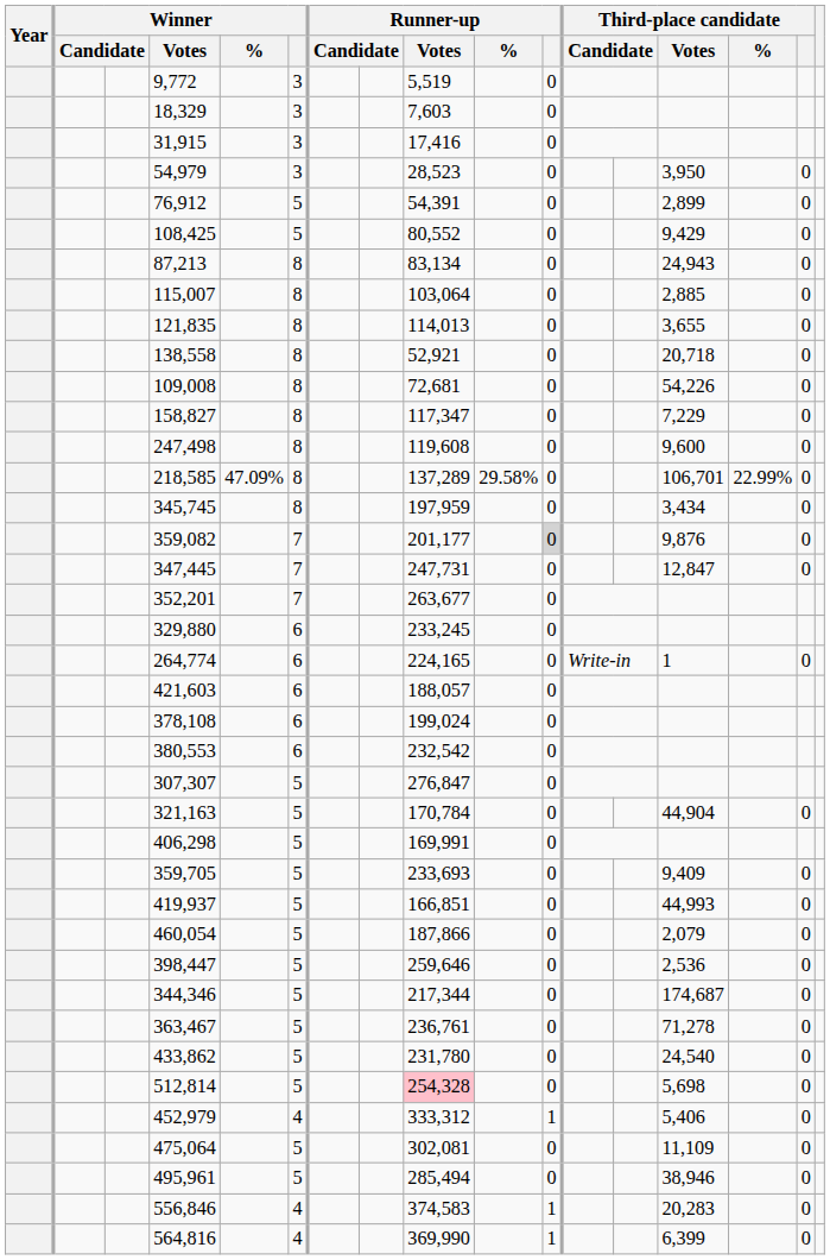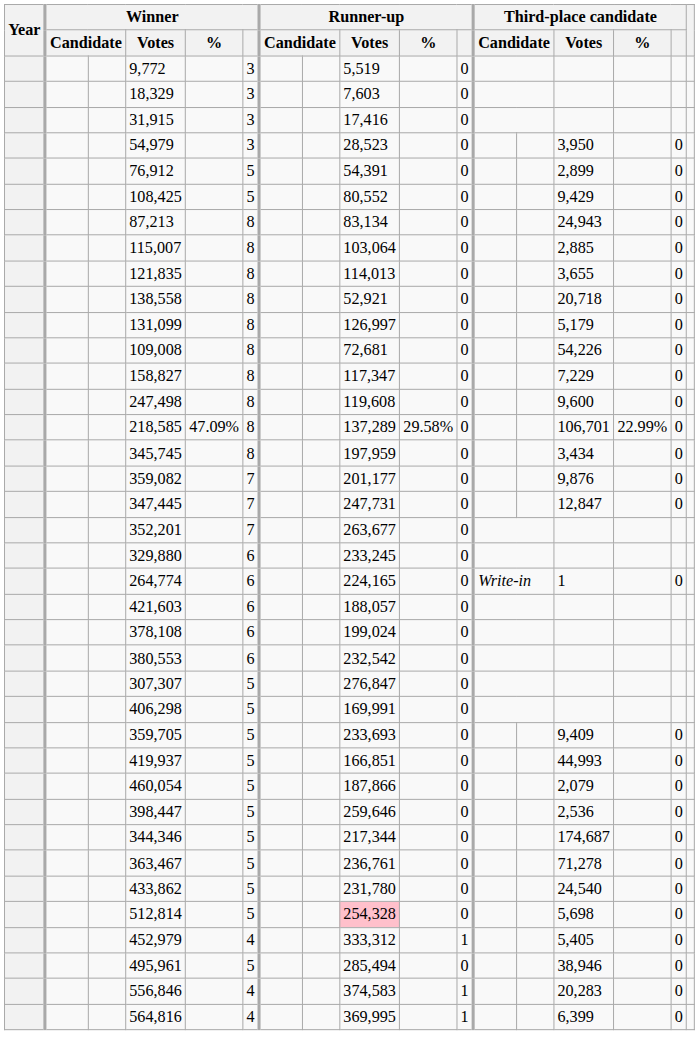 <table class="wikitable sortable">
 <tr>
 <th scope=col rowspan="2">Year</th>
 <th scope="colgroup" style="border-left:3px solid darkgray;" colspan="5">Winner</th>
 <th scope="colgroup" style="border-left:3px solid darkgray;" colspan="5">Runner-up</th>
 <th scope="colgroup" style="border-left:3px solid darkgray;" colspan="5">Third-place candidate</th>
 <th scope="col" class="unsortable" rowspan="2"></th>
 </tr>
 <tr>
 <th scope="col" style="border-left:3px solid darkgray;" colspan="2">Candidate</th>
 <th scope="col" data-sort-type="number">Votes</th>
 <th scope="col"  data-sort-type="number">%</th>
 <th scope="col"  data-sort-type="number"></th>
 <th scope="col" style="border-left:3px solid darkgray;" colspan="2">Candidate</th>
 <th scope="col"  data-sort-type="number">Votes</th>
 <th scope="col"  data-sort-type="number">%</th>
 <th scope="col"  data-sort-type="number"></th>
 <th scope="col"  scope="col" style="border-left:3px solid darkgray;" colspan="2">Candidate</th>
 <th scope="col"  data-sort-type="number">Votes</th>
 <th scope="col"  data-sort-type="number">%</th>
 <th scope="col"  data-sort-type="number"></th>
 </tr>
 <tr>
 <th scope="row"> </th>
 <td style="border-left:3px solid darkgray; background-color:"></td>
 <td><strong></strong> </td>
 <td>9,772</td>
 <td></td>
 <td>3</td>
 <td style="border-left:3px solid darkgray; background-color:"></td>
 <td> </td>
 <td>5,519</td>
 <td></td>
 <td>0</td>
 <td colspan="2" style="border-left:3px solid darkgray;"></td>
 <td></td>
 <td></td>
 <td></td>
 <td></td>
 </tr>
 <tr>
 <th scope="row"> </th>
 <td style="border-left:3px solid darkgray; background-color:"></td>
 <td><strong></strong> </td>
 <td>18,329</td>
 <td></td>
 <td>3</td>
 <td style="border-left:3px solid darkgray; background-color:"></td>
 <td> </td>
 <td>7,603</td>
 <td></td>
 <td>0</td>
 <td colspan="2" style="border-left:3px solid darkgray;"></td>
 <td></td>
 <td></td>
 <td></td>
 <td></td>
 </tr>
 <tr>
 <th scope="row"> </th>
 <td style="border-left:3px solid darkgray; background-color:"></td>
 <td><strong></strong> </td>
 <td>31,915</td>
 <td></td>
 <td>3</td>
 <td style="border-left:3px solid darkgray; background-color:"></td>
 <td> </td>
 <td>17,416</td>
 <td></td>
 <td>0</td>
 <td colspan="2" style="border-left:3px solid darkgray;"></td>
 <td></td>
 <td></td>
 <td></td>
 <td></td>
 </tr>
 <tr>
 <th scope="row"> </th>
 <td style="border-left:3px solid darkgray; background-color:"></td>
 <td><strong></strong> </td>
 <td>54,979</td>
 <td></td>
 <td>3</td>
 <td style="border-left:3px solid darkgray; background-color:"></td>
 <td> </td>
 <td>28,523</td>
 <td></td>
 <td>0</td>
 <td style="border-left:3px solid darkgray; background-color:"></td>
 <td> </td>
 <td>3,950</td>
 <td></td>
 <td>0</td>
 <td></td>
 </tr>
 <tr>
 <th scope="row"> </th>
 <td style="border-left:3px solid darkgray; background-color:"></td>
 <td><strong></strong> </td>
 <td>76,912</td>
 <td></td>
 <td>5</td>
 <td style="border-left:3px solid darkgray; background-color:"></td>
 <td> </td>
 <td>54,391</td>
 <td></td>
 <td>0</td>
 <td style="border-left:3px solid darkgray; background-color:"></td>
 <td> </td>
 <td>2,899</td>
 <td></td>
 <td>0</td>
 <td></td>
 </tr>
 <tr>
 <th scope="row"> </th>
 <td style="border-left:3px solid darkgray; background-color:"></td>
 <td><strong></strong> </td>
 <td>108,425</td>
 <td></td>
 <td>5</td>
 <td style="border-left:3px solid darkgray; background-color:"></td>
 <td> </td>
 <td>80,552</td>
 <td></td>
 <td>0</td>
 <td style="border-left:3px solid darkgray; background-color:"></td>
 <td> </td>
 <td>9,429</td>
 <td></td>
 <td>0</td>
 <td></td>
 </tr>
 <tr>
 <th scope="row"> </th>
 <td style="border-left:3px solid darkgray; background-color:"></td>
 <td><strong></strong> </td>
 <td>87,213</td>
 <td></td>
 <td>8</td>
 <td style="border-left:3px solid darkgray; background-color:"></td>
 <td> </td>
 <td>83,134</td>
 <td></td>
 <td>0</td>
 <td style="border-left:3px solid darkgray; background-color:"></td>
 <td> </td>
 <td>24,943</td>
 <td></td>
 <td>0</td>
 <td></td>
 </tr>
 <tr>
 <th scope="row"> </th>
 <td style="border-left:3px solid darkgray; background-color:"></td>
 <td><strong></strong> </td>
 <td>115,007</td>
 <td></td>
 <td>8</td>
 <td style="border-left:3px solid darkgray; background-color:"></td>
 <td> </td>
 <td>103,064</td>
 <td></td>
 <td>0</td>
 <td style="border-left:3px solid darkgray; background-color:"></td>
 <td> </td>
 <td>2,885</td>
 <td></td>
 <td>0</td>
 <td></td>
 </tr>
 <tr>
 <th scope="row"> </th>
 <td style="border-left:3px solid darkgray; background-color:"></td>
 <td><strong></strong> </td>
 <td>121,835</td>
 <td></td>
 <td>8</td>
 <td style="border-left:3px solid darkgray; background-color:"></td>
 <td> </td>
 <td>114,013</td>
 <td></td>
 <td>0</td>
 <td style="border-left:3px solid darkgray; background-color:"></td>
 <td> </td>
 <td>3,655</td>
 <td></td>
 <td>0</td>
 <td></td>
 </tr>
 <tr>
 <th scope="row"> </th>
 <td style="border-left:3px solid darkgray; background-color:"></td>
 <td><strong></strong> </td>
 <td>138,558</td>
 <td></td>
 <td>8</td>
 <td style="border-left:3px solid darkgray; background-color:"></td>
 <td> </td>
 <td>52,921</td>
 <td></td>
 <td>0</td>
 <td style="border-left:3px solid darkgray; background-color:"></td>
 <td> </td>
 <td>20,718</td>
 <td></td>
 <td>0</td>
 <td></td>
 </tr>
 <tr>
 <th scope="row"> </th>
 <td style="border-left:3px solid darkgray; background-color:"></td>
 <td><strong></strong> </td>
+<td>131,099</td>
+<td></td>
+<td>8</td>
+<td style="border-left:3px solid darkgray; background-color:"></td>
+<td> </td>
+<td>126,997</td>
+<td></td>
+<td>0</td>
+<td style="border-left:3px solid darkgray; background-color:"></td>
+<td> </td>
+<td>5,179</td>
+<td></td>
+<td>0</td>
+<td></td>
+</tr>
+<tr>
+<th scope="row"> </th>
+<td style="border-left:3px solid darkgray; background-color:"></td>
+<td><strong></strong> </td>
 <td>109,008</td>
 <td></td>
 <td>8</td>
 <td style="border-left:3px solid darkgray; background-color:"></td>
 <td> </td>
 <td>72,681</td>
 <td></td>
 <td>0</td>
 <td style="border-left:3px solid darkgray; background-color:"></td>
 <td> </td>
 <td>54,226</td>
 <td></td>
 <td>0</td>
 <td></td>
 </tr>
 <tr>
 <th scope="row"> </th>
 <td style="border-left:3px solid darkgray; background-color:"></td>
 <td><strong></strong> </td>
 <td>158,827</td>
 <td></td>
 <td>8</td>
 <td style="border-left:3px solid darkgray; background-color:"></td>
 <td> </td>
 <td>117,347</td>
 <td></td>
 <td>0</td>
 <td style="border-left:3px solid darkgray; background-color:"></td>
 <td> </td>
 <td>7,229</td>
 <td></td>
 <td>0</td>
 <td></td>
 </tr>
 <tr>
 <th scope="row"> </th>
 <td style="border-left:3px solid darkgray; background-color:"></td>
 <td><strong></strong> </td>
 <td>247,498</td>
 <td></td>
 <td>8</td>
 <td style="border-left:3px solid darkgray; background-color:"></td>
 <td> </td>
 <td>119,608</td>
 <td></td>
 <td>0</td>
 <td style="border-left:3px solid darkgray; background-color:"></td>
 <td> </td>
 <td>9,600</td>
 <td></td>
 <td>0</td>
 <td></td>
 </tr>
 <tr>
 <th scope="row"> </th>
 <td style="border-left:3px solid darkgray; background-color:"></td>
 <td><strong></strong> </td>
 <td>218,585</td>
 <td>47.09%</td>
 <td>8</td>
 <td style="border-left:3px solid darkgray; background-color:"></td>
 <td> </td>
 <td>137,289</td>
 <td>29.58%</td>
 <td>0</td>
 <td style="border-left:3px solid darkgray; background-color:"></td>
 <td> </td>
 <td>106,701</td>
 <td>22.99%</td>
 <td>0</td>
 <td></td>
 </tr>
 <tr>
 <th scope="row"> </th>
 <td style="border-left:3px solid darkgray; background-color:"></td>
 <td><strong></strong> </td>
 <td>345,745</td>
 <td></td>
 <td>8</td>
 <td style="border-left:3px solid darkgray; background-color:"></td>
 <td> </td>
 <td>197,959</td>
 <td></td>
 <td>0</td>
 <td style="border-left:3px solid darkgray; background-color:"></td>
 <td> </td>
 <td>3,434</td>
 <td></td>
 <td>0</td>
 <td></td>
 </tr>
 <tr>
 <th scope="row"> </th>
 <td style="border-left:3px solid darkgray; background-color:"></td>
 <td><strong></strong> </td>
 <td>359,082</td>
 <td></td>
 <td>7</td>
 <td style="border-left:3px solid darkgray; background-color:"></td>
 <td> </td>
 <td>201,177</td>
 <td></td>
-<td style="background: lightgrey;">0</td>
+<td>0</td>
 <td style="border-left:3px solid darkgray; background-color:"></td>
 <td> </td>
 <td>9,876</td>
 <td></td>
 <td>0</td>
 <td></td>
 </tr>
 <tr>
 <th scope="row"> </th>
 <td style="border-left:3px solid darkgray; background-color:"></td>
 <td><strong></strong> </td>
 <td>347,445</td>
 <td></td>
 <td>7</td>
 <td style="border-left:3px solid darkgray; background-color:"></td>
 <td> </td>
 <td>247,731</td>
 <td></td>
 <td>0</td>
 <td style="border-left:3px solid darkgray; background-color:"></td>
 <td> </td>
 <td>12,847</td>
 <td></td>
 <td>0</td>
 <td></td>
 </tr>
 <tr>
 <th scope="row"> </th>
 <td style="border-left:3px solid darkgray; background-color:"></td>
 <td><strong></strong> </td>
 <td>352,201</td>
 <td></td>
 <td>7</td>
 <td style="border-left:3px solid darkgray; background-color:"></td>
 <td> </td>
 <td>263,677</td>
 <td></td>
 <td>0</td>
 <td colspan="2" style="border-left:3px solid darkgray;"></td>
 <td></td>
 <td></td>
 <td></td>
 <td></td>
 </tr>
 <tr>
 <th scope="row"> </th>
 <td style="border-left:3px solid darkgray; background-color:"></td>
 <td><strong></strong> </td>
 <td>329,880</td>
 <td></td>
 <td>6</td>
 <td style="border-left:3px solid darkgray; background-color:"></td>
 <td> </td>
 <td>233,245</td>
 <td></td>
 <td>0</td>
 <td colspan="2" style="border-left:3px solid darkgray;"></td>
 <td></td>
 <td></td>
 <td></td>
 <td></td>
 </tr>
 <tr>
 <th scope="row"> </th>
 <td style="border-left:3px solid darkgray; background-color:"></td>
 <td><strong></strong> </td>
 <td>264,774</td>
 <td></td>
 <td>6</td>
 <td style="border-left:3px solid darkgray; background-color:"></td>
 <td> </td>
 <td>224,165</td>
 <td></td>
 <td>0</td>
 <td colspan="2" style="border-left:3px solid darkgray;"><em>Write-in</em></td>
 <td>1</td>
 <td></td>
 <td>0</td>
 <td></td>
 </tr>
 <tr>
 <th scope="row"> </th>
 <td style="border-left:3px solid darkgray; background-color:"></td>
 <td><strong></strong> </td>
 <td>421,603</td>
 <td></td>
 <td>6</td>
 <td style="border-left:3px solid darkgray; background-color:"></td>
 <td> </td>
 <td>188,057</td>
 <td></td>
 <td>0</td>
 <td colspan="2" style="border-left:3px solid darkgray;"></td>
 <td></td>
 <td></td>
 <td></td>
 <td></td>
 </tr>
 <tr>
 <th scope="row"> </th>
 <td style="border-left:3px solid darkgray; background-color:"></td>
 <td><strong></strong> </td>
 <td>378,108</td>
 <td></td>
 <td>6</td>
 <td style="border-left:3px solid darkgray; background-color:"></td>
 <td> </td>
 <td>199,024</td>
 <td></td>
 <td>0</td>
 <td colspan="2" style="border-left:3px solid darkgray;"></td>
 <td></td>
 <td></td>
 <td></td>
 <td></td>
 </tr>
 <tr>
 <th scope="row"> </th>
 <td style="border-left:3px solid darkgray; background-color:"></td>
 <td><strong></strong> </td>
 <td>380,553</td>
 <td></td>
 <td>6</td>
 <td style="border-left:3px solid darkgray; background-color:"></td>
 <td> </td>
 <td>232,542</td>
 <td></td>
 <td>0</td>
 <td colspan="2" style="border-left:3px solid darkgray;"></td>
 <td></td>
 <td></td>
 <td></td>
 <td></td>
 </tr>
 <tr>
 <th scope="row"> </th>
 <td style="border-left:3px solid darkgray; background-color:"></td>
 <td><strong></strong> </td>
 <td>307,307</td>
 <td></td>
 <td>5</td>
 <td style="border-left:3px solid darkgray; background-color:"></td>
 <td> </td>
 <td>276,847</td>
 <td></td>
 <td>0</td>
 <td colspan="2" style="border-left:3px solid darkgray;"></td>
 <td></td>
 <td></td>
 <td></td>
-<td></td>
-</tr>
-<tr>
-<th scope="row"> </th>
-<td style="border-left:3px solid darkgray; background-color:"></td>
-<td><strong></strong> </td>
-<td>321,163</td>
-<td></td>
-<td>5</td>
-<td style="border-left:3px solid darkgray; background-color:"></td>
-<td> </td>
-<td>170,784</td>
-<td></td>
-<td>0</td>
-<td style="border-left:3px solid darkgray; background-color:"></td>
-<td> </td>
-<td>44,904</td>
-<td></td>
-<td>0</td>
 <td></td>
 </tr>
 <tr>
 <th scope="row"> </th>
 <td style="border-left:3px solid darkgray; background-color:"></td>
 <td><strong></strong> </td>
 <td>406,298</td>
 <td></td>
 <td>5</td>
 <td style="border-left:3px solid darkgray; background-color:"></td>
 <td> </td>
 <td>169,991</td>
 <td></td>
 <td>0</td>
 <td colspan="2" style="border-left:3px solid darkgray;"></td>
 <td></td>
 <td></td>
 <td></td>
 <td></td>
 </tr>
 <tr>
 <th scope="row"> </th>
 <td style="border-left:3px solid darkgray; background-color:"></td>
 <td><strong></strong> </td>
 <td>359,705</td>
 <td></td>
 <td>5</td>
 <td style="border-left:3px solid darkgray; background-color:"></td>
 <td> </td>
 <td>233,693</td>
 <td></td>
 <td>0</td>
 <td style="border-left:3px solid darkgray; background-color:"></td>
 <td> </td>
 <td>9,409</td>
 <td></td>
 <td>0</td>
 <td></td>
 </tr>
 <tr>
 <th scope="row"> </th>
 <td style="border-left:3px solid darkgray; background-color:"></td>
 <td><strong></strong> </td>
 <td>419,937</td>
 <td></td>
 <td>5</td>
 <td style="border-left:3px solid darkgray; background-color:"></td>
 <td> </td>
 <td>166,851</td>
 <td></td>
 <td>0</td>
 <td style="border-left:3px solid darkgray; background-color:"></td>
 <td> </td>
 <td>44,993</td>
 <td></td>
 <td>0</td>
 <td></td>
 </tr>
 <tr>
 <th scope="row"> </th>
 <td style="border-left:3px solid darkgray; background-color:"></td>
 <td><strong></strong> </td>
 <td>460,054</td>
 <td></td>
 <td>5</td>
 <td style="border-left:3px solid darkgray; background-color:"></td>
 <td> </td>
 <td>187,866</td>
 <td></td>
 <td>0</td>
 <td style="border-left:3px solid darkgray; background-color:"></td>
 <td> </td>
 <td>2,079</td>
 <td></td>
 <td>0</td>
 <td></td>
 </tr>
 <tr>
 <th scope="row"> </th>
 <td style="border-left:3px solid darkgray; background-color:"></td>
 <td><strong></strong> </td>
 <td>398,447</td>
 <td></td>
 <td>5</td>
 <td style="border-left:3px solid darkgray; background-color:"></td>
 <td> </td>
 <td>259,646</td>
 <td></td>
 <td>0</td>
 <td style="border-left:3px solid darkgray; background-color:"></td>
 <td> </td>
 <td>2,536</td>
 <td></td>
 <td>0</td>
 <td></td>
 </tr>
 <tr>
 <th scope="row"> </th>
 <td style="border-left:3px solid darkgray; background-color:"></td>
 <td><strong></strong> </td>
 <td>344,346</td>
 <td></td>
 <td>5</td>
 <td style="border-left:3px solid darkgray; background-color:"></td>
 <td> </td>
 <td>217,344</td>
 <td></td>
 <td>0</td>
 <td style="border-left:3px solid darkgray; background-color:"></td>
 <td> </td>
 <td>174,687</td>
 <td></td>
 <td>0</td>
 <td></td>
 </tr>
 <tr>
 <th scope="row"> </th>
 <td style="border-left:3px solid darkgray; background-color:"></td>
 <td><strong></strong> </td>
 <td>363,467</td>
 <td></td>
 <td>5</td>
 <td style="border-left:3px solid darkgray; background-color:"></td>
 <td> </td>
 <td>236,761</td>
 <td></td>
 <td>0</td>
 <td style="border-left:3px solid darkgray; background-color:"></td>
 <td> </td>
 <td>71,278</td>
 <td></td>
 <td>0</td>
 <td></td>
 </tr>
 <tr>
 <th scope="row"> </th>
 <td style="border-left:3px solid darkgray; background-color:"></td>
 <td><strong></strong> </td>
 <td>433,862</td>
 <td></td>
 <td>5</td>
 <td style="border-left:3px solid darkgray; background-color:"></td>
 <td> </td>
 <td>231,780</td>
 <td></td>
 <td>0</td>
 <td style="border-left:3px solid darkgray; background-color:"></td>
 <td> </td>
 <td>24,540</td>
 <td></td>
 <td>0</td>
 <td></td>
 </tr>
 <tr>
 <th scope="row"> </th>
 <td style="border-left:3px solid darkgray; background-color:"></td>
 <td><strong></strong> </td>
 <td>512,814</td>
 <td></td>
 <td>5</td>
 <td style="border-left:3px solid darkgray; background-color:"></td>
 <td> </td>
 <td style="background: pink;">254,328</td>
 <td></td>
 <td>0</td>
 <td style="border-left:3px solid darkgray; background-color:"></td>
 <td> </td>
 <td>5,698</td>
 <td></td>
 <td>0</td>
 <td></td>
 </tr>
 <tr>
 <th scope="row"> </th>
 <td style="border-left:3px solid darkgray; background-color:"></td>
 <td><strong></strong> </td>
 <td>452,979</td>
 <td></td>
 <td>4</td>
 <td style="border-left:3px solid darkgray; background-color:"></td>
 <td> </td>
 <td>333,312</td>
 <td></td>
 <td>1</td>
 <td style="border-left:3px solid darkgray; background-color:"></td>
 <td> </td>
-<td>5,406</td>
-<td></td>
-<td>0</td>
-<td></td>
-</tr>
-<tr>
-<th scope="row"> </th>
-<td style="border-left:3px solid darkgray; background-color:"></td>
-<td><strong></strong> </td>
-<td>475,064</td>
-<td></td>
-<td>5</td>
-<td style="border-left:3px solid darkgray; background-color:"></td>
-<td> </td>
-<td>302,081</td>
-<td></td>
-<td>0</td>
-<td style="border-left:3px solid darkgray; background-color:"></td>
-<td> </td>
-<td>11,109</td>
+<td>5,405</td>
 <td></td>
 <td>0</td>
 <td></td>
 </tr>
 <tr>
 <th scope="row"> </th>
 <td style="border-left:3px solid darkgray; background-color:"></td>
 <td><strong></strong> </td>
 <td>495,961</td>
 <td></td>
 <td>5</td>
 <td style="border-left:3px solid darkgray; background-color:"></td>
 <td> </td>
 <td>285,494</td>
 <td></td>
 <td>0</td>
 <td style="border-left:3px solid darkgray; background-color:"></td>
 <td> </td>
 <td>38,946</td>
 <td></td>
 <td>0</td>
 <td></td>
 </tr>
 <tr>
 <th scope="row"> </th>
 <td style="border-left:3px solid darkgray; background-color:"></td>
 <td><strong></strong> </td>
 <td>556,846</td>
 <td></td>
 <td>4</td>
 <td style="border-left:3px solid darkgray; background-color:"></td>
 <td> </td>
 <td>374,583</td>
 <td></td>
 <td>1</td>
 <td style="border-left:3px solid darkgray; background-color:"></td>
 <td> </td>
 <td>20,283</td>
 <td></td>
 <td>0</td>
 <td></td>
 </tr>
 <tr>
 <th scope="row"> </th>
 <td style="border-left:3px solid darkgray; background-color:"></td>
 <td><strong></strong> </td>
 <td>564,816</td>
 <td></td>
 <td>4</td>
 <td style="border-left:3px solid darkgray; background-color:"></td>
 <td> </td>
-<td>369,990</td>
+<td>369,995</td>
 <td></td>
 <td>1</td>
 <td style="border-left:3px solid darkgray; background-color:"></td>
 <td> </td>
 <td>6,399</td>
 <td></td>
 <td>0</td>
 <td></td>
 </tr>
 </table>
